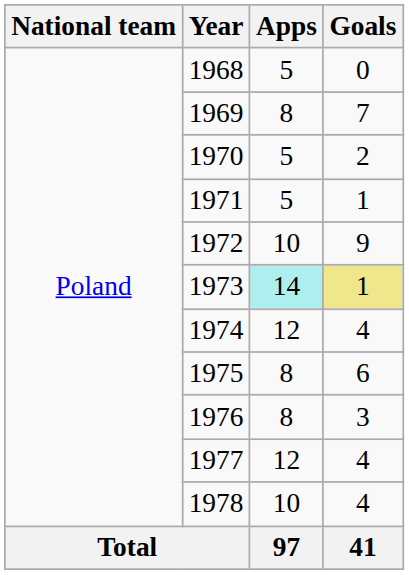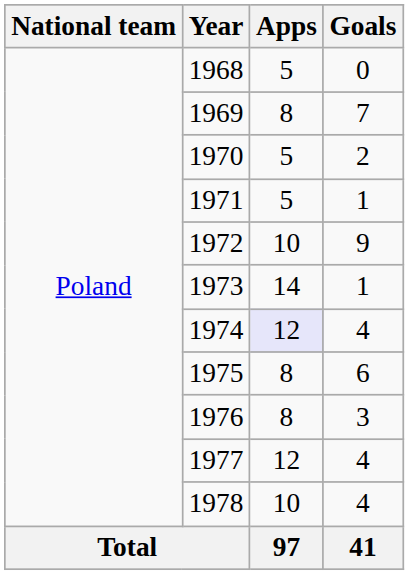 <table class="wikitable" style="text-align:center">
 <tr>
 <th>National team</th>
 <th>Year</th>
 <th>Apps</th>
 <th>Goals</th>
 </tr>
 <tr>
 <td rowspan="11"><a href='#'>Poland</a></td>
 <td>1968</td>
 <td>5</td>
 <td>0</td>
 </tr>
 <tr>
 <td>1969</td>
 <td>8</td>
 <td>7</td>
 </tr>
 <tr>
 <td>1970</td>
 <td>5</td>
 <td>2</td>
 </tr>
 <tr>
 <td>1971</td>
 <td>5</td>
 <td>1</td>
 </tr>
 <tr>
 <td>1972</td>
 <td>10</td>
 <td>9</td>
 </tr>
 <tr>
 <td>1973</td>
-<td style="background: paleturquoise;">14</td>
-<td style="background: khaki;">1</td>
+<td>14</td>
+<td>1</td>
 </tr>
 <tr>
 <td>1974</td>
-<td>12</td>
+<td style="background: lavender;">12</td>
 <td>4</td>
 </tr>
 <tr>
 <td>1975</td>
 <td>8</td>
 <td>6</td>
 </tr>
 <tr>
 <td>1976</td>
 <td>8</td>
 <td>3</td>
 </tr>
 <tr>
 <td>1977</td>
 <td>12</td>
 <td>4</td>
 </tr>
 <tr>
 <td>1978</td>
 <td>10</td>
 <td>4</td>
 </tr>
 <tr>
 <th colspan="2">Total</th>
 <th>97</th>
 <th>41</th>
 </tr>
 </table>
